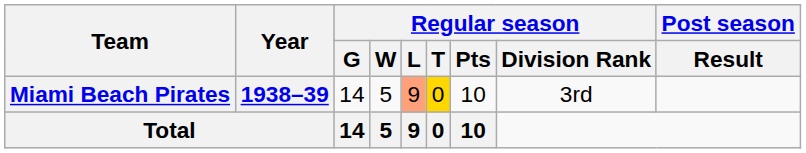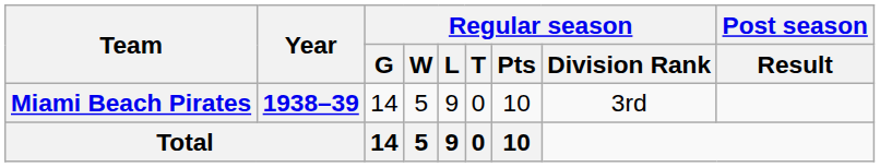 <table class="wikitable" style="font-size: 95%; text-align:center;">
 <tr>
 <th rowspan="2">Team</th>
 <th rowspan="2">Year</th>
 <th colspan="6"><a href='#'>Regular season</a></th>
 <th colspan="1"><a href='#'>Post season</a></th>
 </tr>
 <tr>
 <th>G</th>
 <th>W</th>
 <th>L</th>
 <th>T</th>
 <th>Pts</th>
 <th>Division Rank</th>
 <th>Result</th>
 </tr>
 <tr>
 <th><a href='#'>Miami Beach Pirates</a></th>
 <th><a href='#'>1938–39</a></th>
 <td>14</td>
 <td>5</td>
-<td style="background: lightsalmon;">9</td>
-<td style="background: gold;">0</td>
+<td>9</td>
+<td>0</td>
 <td>10</td>
 <td>3rd</td>
 <td></td>
 </tr>
 <tr>
 <th colspan="2">Total</th>
 <th>14</th>
 <th>5</th>
 <th>9</th>
 <th>0</th>
 <th>10</th>
 </tr>
 </table>
